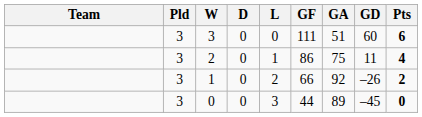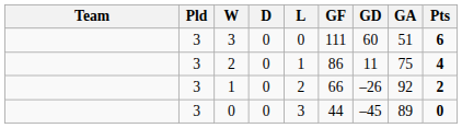 <table class="wikitable" style="text-align: center;">
 <tr>
 <th width="180">Team</th>
 <th width="30">Pld</th>
 <th width="30">W</th>
 <th width="30">D</th>
 <th width="30">L</th>
 <th width="30">GF</th>
+<th width="30">GD</th>
 <th width="30">GA</th>
-<th width="30">GD</th>
 <th width="30">Pts</th>
 </tr>
 <tr>
 <td align="left"></td>
 <td>3</td>
 <td>3</td>
 <td>0</td>
 <td>0</td>
 <td>111</td>
+<td>60</td>
 <td>51</td>
-<td>60</td>
 <td><strong>6</strong></td>
 </tr>
 <tr>
 <td align="left"></td>
 <td>3</td>
 <td>2</td>
 <td>0</td>
 <td>1</td>
 <td>86</td>
+<td>11</td>
 <td>75</td>
-<td>11</td>
 <td><strong>4</strong></td>
 </tr>
 <tr>
 <td align="left"></td>
 <td>3</td>
 <td>1</td>
 <td>0</td>
 <td>2</td>
 <td>66</td>
+<td>–26</td>
 <td>92</td>
-<td>–26</td>
 <td><strong>2</strong></td>
 </tr>
 <tr>
 <td align="left"></td>
 <td>3</td>
 <td>0</td>
 <td>0</td>
 <td>3</td>
 <td>44</td>
+<td>–45</td>
 <td>89</td>
-<td>–45</td>
 <td><strong>0</strong></td>
 </tr>
 </table>
